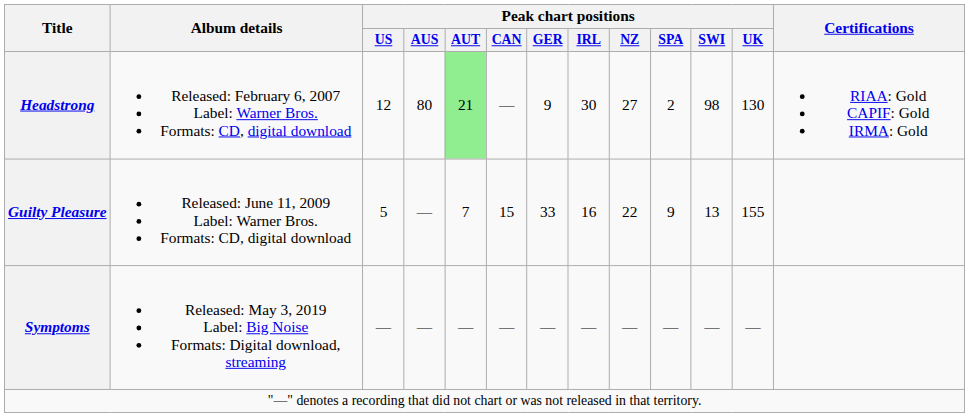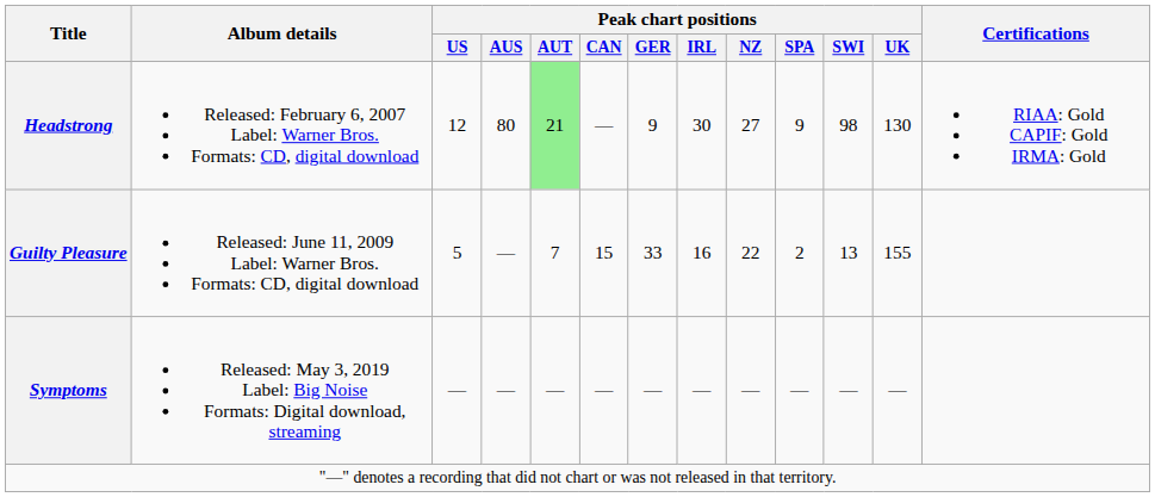 <table class="wikitable plainrowheaders" style="text-align:center;" border="1">
 <tr>
 <th scope="col" rowspan="2">Title</th>
 <th scope="col" rowspan="2" style="width:16em;">Album details</th>
 <th scope="col" colspan="10">Peak chart positions</th>
 <th scope="col" rowspan="2" style="width:12em;"><a href='#'>Certifications</a></th>
 </tr>
 <tr>
 <th scope="col" style="width:2.5em;font-size:90%;"><a href='#'>US</a><br></th>
 <th scope="col" style="width:2.5em;font-size:90%;"><a href='#'>AUS</a><br></th>
 <th scope="col" style="width:2.5em;font-size:90%;"><a href='#'>AUT</a><br></th>
 <th scope="col" style="width:2.5em;font-size:90%;"><a href='#'>CAN</a><br></th>
 <th scope="col" style="width:2.5em;font-size:90%;"><a href='#'>GER</a><br></th>
 <th scope="col" style="width:2.5em;font-size:90%;"><a href='#'>IRL</a><br></th>
 <th scope="col" style="width:2.5em;font-size:90%;"><a href='#'>NZ</a><br></th>
 <th scope="col" style="width:2.5em;font-size:90%;"><a href='#'>SPA</a><br></th>
 <th scope="col" style="width:2.5em;font-size:90%;"><a href='#'>SWI</a><br></th>
 <th scope="col" style="width:2.5em;font-size:90%;"><a href='#'>UK</a><br></th>
 </tr>
 <tr>
 <th scope="row"><em><a href='#'>Headstrong</a></em></th>
 <td><br><ul><li>Released: February 6, 2007</li><li>Label: <a href='#'>Warner Bros.</a></li><li>Formats: <a href='#'>CD</a>, <a href='#'>digital download</a></li></ul></td>
 <td>12</td>
 <td>80</td>
 <td style="background: lightgreen;">21</td>
 <td>—</td>
 <td>9</td>
 <td>30</td>
 <td>27</td>
-<td>2</td>
+<td>9</td>
 <td>98</td>
 <td>130</td>
 <td><br><ul><li><a href='#'>RIAA</a>: Gold</li><li><a href='#'>CAPIF</a>: Gold</li><li><a href='#'>IRMA</a>: Gold</li></ul></td>
 </tr>
 <tr>
 <th scope="row"><em><a href='#'>Guilty Pleasure</a></em></th>
 <td><br><ul><li>Released: June 11, 2009</li><li>Label: Warner Bros.</li><li>Formats: CD, digital download</li></ul></td>
 <td>5</td>
 <td>—</td>
 <td>7</td>
 <td>15</td>
 <td>33</td>
 <td>16</td>
 <td>22</td>
-<td>9</td>
+<td>2</td>
 <td>13</td>
 <td>155</td>
 <td></td>
 </tr>
 <tr>
 <th scope="row"><em><a href='#'>Symptoms</a></em></th>
 <td><br><ul><li>Released: May 3, 2019</li><li>Label: <a href='#'>Big Noise</a></li><li>Formats: Digital download, <a href='#'>streaming</a></li></ul></td>
 <td>—</td>
 <td>—</td>
 <td>—</td>
 <td>—</td>
 <td>—</td>
 <td>—</td>
 <td>—</td>
 <td>—</td>
 <td>—</td>
 <td>—</td>
 <td></td>
 </tr>
 <tr>
 <td colspan="14" style="font-size:90%">"—" denotes a recording that did not chart or was not released in that territory.</td>
 </tr>
 </table>
